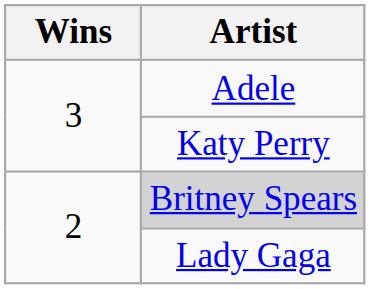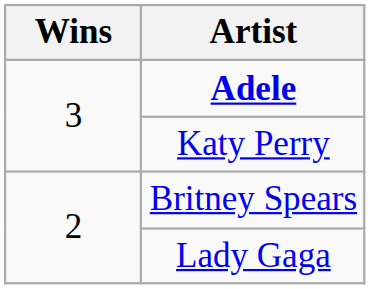 <table class="wikitable" rowspan="2" style="text-align:center">
 <tr>
 <th scope="col" style="width:55px;">Wins</th>
 <th scope="col" style="text-align:center;">Artist</th>
 </tr>
 <tr>
 <td rowspan="2" style="text-align:center">3</td>
-<td><a href='#'>Adele</a></td>
+<td><strong><a href='#'>Adele</a></strong></td>
 </tr>
 <tr>
 <td><a href='#'>Katy Perry</a></td>
 </tr>
 <tr>
 <td rowspan="2" style="text-align:center">2</td>
-<td style="background: lightgrey;"><a href='#'>Britney Spears</a></td>
+<td><a href='#'>Britney Spears</a></td>
 </tr>
 <tr>
 <td><a href='#'>Lady Gaga</a></td>
 </tr>
 </table>
